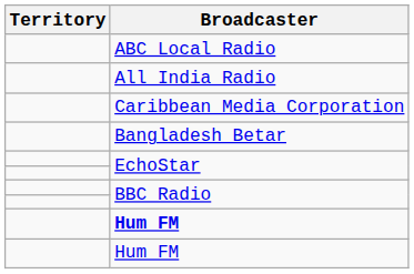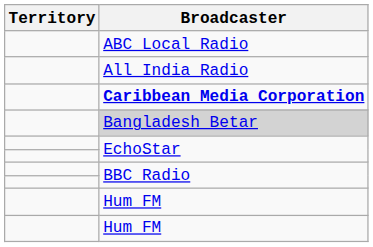 <table class="wikitable">
 <tr>
 <th>Territory</th>
 <th>Broadcaster</th>
 </tr>
 <tr>
 <td></td>
 <td><a href='#'>ABC Local Radio</a></td>
 </tr>
 <tr>
 <td></td>
 <td><a href='#'>All India Radio</a></td>
 </tr>
 <tr>
 <td></td>
-<td><a href='#'>Caribbean Media Corporation</a></td>
+<td><strong><a href='#'>Caribbean Media Corporation</a></strong></td>
 </tr>
 <tr>
 <td></td>
-<td><a href='#'>Bangladesh Betar</a></td>
+<td style="background: lightgrey;"><a href='#'>Bangladesh Betar</a></td>
 </tr>
 <tr>
 <td></td>
 <td rowspan="2"><a href='#'>EchoStar</a></td>
 </tr>
 <tr>
 <td></td>
 </tr>
 <tr>
 <td></td>
 <td rowspan="2"><a href='#'>BBC Radio</a></td>
 </tr>
 <tr>
 <td></td>
 </tr>
 <tr>
 <td></td>
-<td><strong><a href='#'>Hum FM</a></strong></td>
+<td><a href='#'>Hum FM</a></td>
 </tr>
 <tr>
 <td></td>
 <td><a href='#'>Hum FM</a></td>
 </tr>
 </table>
